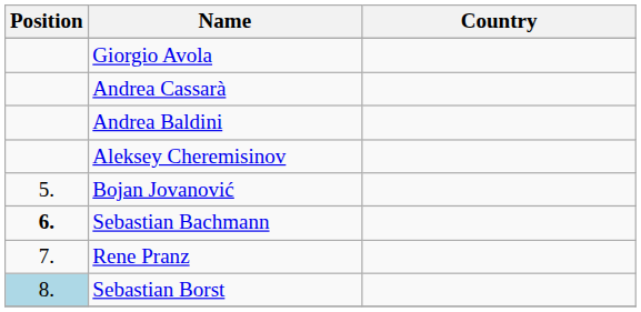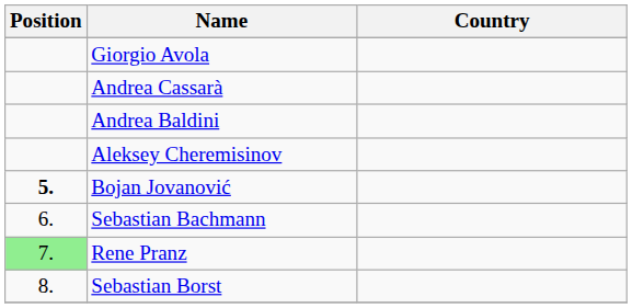 <table class="wikitable">
 <tr>
 <th width="20">Position</th>
 <th width="200">Name</th>
 <th width="200">Country</th>
 </tr>
 <tr>
 </tr>
 <tr>
 <td align="center"></td>
 <td><a href='#'>Giorgio Avola</a></td>
 <td></td>
 </tr>
 <tr>
 <td align="center"></td>
 <td><a href='#'>Andrea Cassarà</a></td>
 <td></td>
 </tr>
 <tr>
 <td align="center"></td>
 <td><a href='#'>Andrea Baldini</a></td>
 <td></td>
 </tr>
 <tr>
 <td align="center"></td>
 <td><a href='#'>Aleksey Cheremisinov</a></td>
 <td></td>
 </tr>
 <tr>
-<td align="center">5.</td>
+<td align="center"><strong>5.</strong></td>
 <td><a href='#'>Bojan Jovanović</a></td>
 <td></td>
 </tr>
 <tr>
-<td align="center"><strong>6.</strong></td>
+<td align="center">6.</td>
 <td><a href='#'>Sebastian Bachmann</a></td>
 <td></td>
 </tr>
 <tr>
-<td align="center">7.</td>
+<td align="center" style="background: lightgreen;">7.</td>
 <td><a href='#'>Rene Pranz</a></td>
 <td></td>
 </tr>
 <tr>
-<td align="center" style="background: lightblue;">8.</td>
+<td align="center">8.</td>
 <td><a href='#'>Sebastian Borst</a></td>
 <td></td>
 </tr>
 <tr>
 </tr>
 </table>
